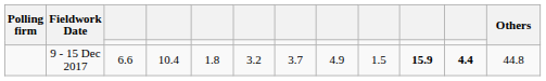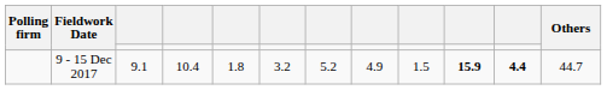 <table class="wikitable" style="text-align:center;font-size:85%;line-height:14px;">
 <tr style="height:40px;">
 <th rowspan="2">Polling firm</th>
 <th rowspan="2">Fieldwork<br>Date</th>
 <th Style="width:80px;"></th>
 <th Style="width:80px;"></th>
 <th Style="width:80px;"></th>
 <th Style="width:80px;"></th>
 <th Style="width:80px;"></th>
 <th Style="width:80px;"></th>
 <th Style="width:80px;"></th>
 <th Style="width:80px;"></th>
 <th Style="width:80px;"></th>
 <th rowspan="2" Style="width:80px;">Others</th>
 </tr>
 <tr>
 <td Style="background:"></td>
 <td Style="background:"></td>
 <td Style="background:"></td>
 <td Style="background:"></td>
 <td Style="background:"></td>
 <td Style="background:"></td>
 <td Style="background:"></td>
 <td Style="background:"></td>
 <td Style="background:"></td>
 </tr>
 <tr>
 <td></td>
 <td>9 - 15 Dec 2017</td>
-<td>6.6</td>
+<td>9.1</td>
 <td>10.4</td>
 <td>1.8</td>
 <td>3.2</td>
-<td>3.7</td>
+<td>5.2</td>
 <td>4.9</td>
 <td>1.5</td>
 <td><strong>15.9</strong></td>
 <td><strong>4.4</strong></td>
-<td>44.8</td>
+<td>44.7</td>
 </tr>
 </table>
